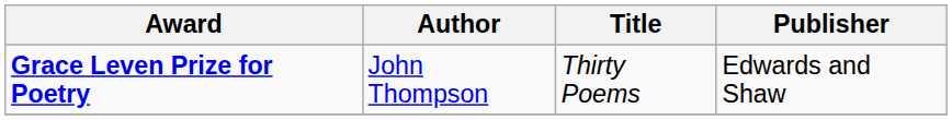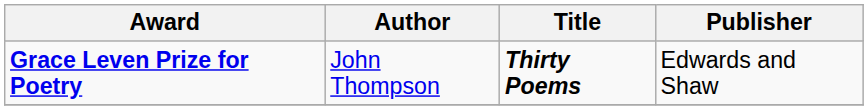 <table class="wikitable" width=95%>
 <tr>
 <th>Award</th>
 <th>Author</th>
 <th>Title</th>
 <th>Publisher</th>
 </tr>
 <tr>
 <td><strong><a href='#'>Grace Leven Prize for Poetry</a></strong></td>
 <td><a href='#'>John Thompson</a></td>
-<td><em>Thirty Poems</em></td>
+<td><strong><em>Thirty Poems</em></strong></td>
 <td>Edwards and Shaw</td>
 </tr>
 <tr>
 </tr>
 </table>
